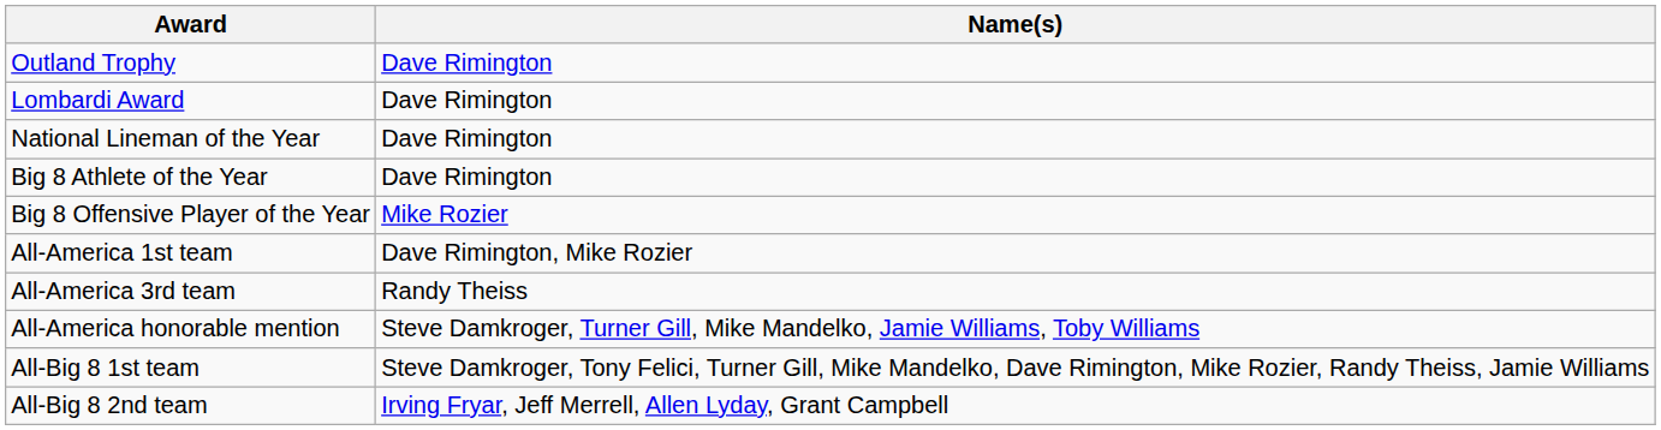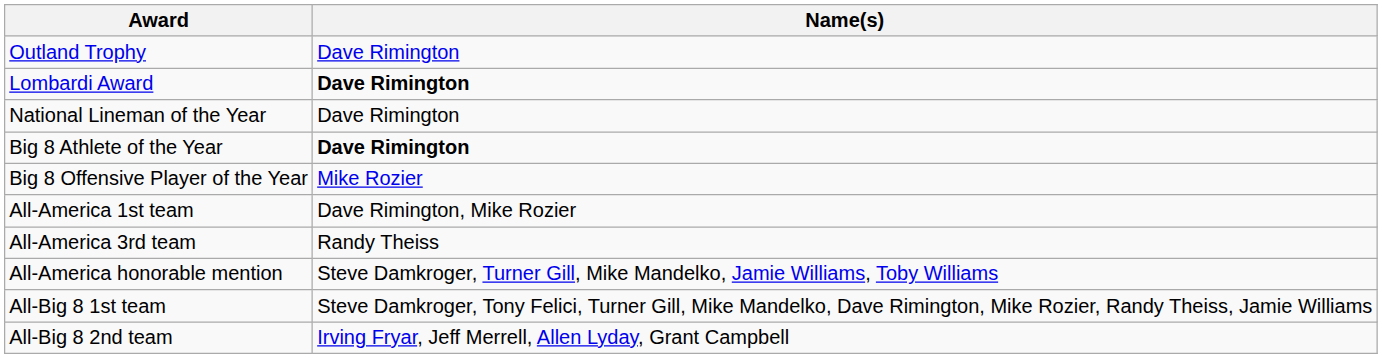 <table class="wikitable">
 <tr>
 <th>Award</th>
 <th>Name(s)</th>
 </tr>
 <tr>
 <td><a href='#'>Outland Trophy</a></td>
 <td><a href='#'>Dave Rimington</a></td>
 </tr>
 <tr>
 <td><a href='#'>Lombardi Award</a></td>
-<td>Dave Rimington</td>
+<td><strong>Dave Rimington</strong></td>
 </tr>
 <tr>
 <td>National Lineman of the Year</td>
 <td>Dave Rimington</td>
 </tr>
 <tr>
 <td>Big 8 Athlete of the Year</td>
-<td>Dave Rimington</td>
+<td><strong>Dave Rimington</strong></td>
 </tr>
 <tr>
 <td>Big 8 Offensive Player of the Year</td>
 <td><a href='#'>Mike Rozier</a></td>
 </tr>
 <tr>
 <td>All-America 1st team</td>
 <td>Dave Rimington, Mike Rozier</td>
 </tr>
 <tr>
 <td>All-America 3rd team</td>
 <td>Randy Theiss</td>
 </tr>
 <tr>
 <td>All-America honorable mention</td>
 <td>Steve Damkroger, <a href='#'>Turner Gill</a>, Mike Mandelko, <a href='#'>Jamie Williams</a>, <a href='#'>Toby Williams</a></td>
 </tr>
 <tr>
 <td>All-Big 8 1st team</td>
 <td>Steve Damkroger, Tony Felici, Turner Gill, Mike Mandelko, Dave Rimington, Mike Rozier, Randy Theiss, Jamie Williams</td>
 </tr>
 <tr>
 <td>All-Big 8 2nd team</td>
 <td><a href='#'>Irving Fryar</a>, Jeff Merrell, <a href='#'>Allen Lyday</a>, Grant Campbell</td>
 </tr>
 </table>
